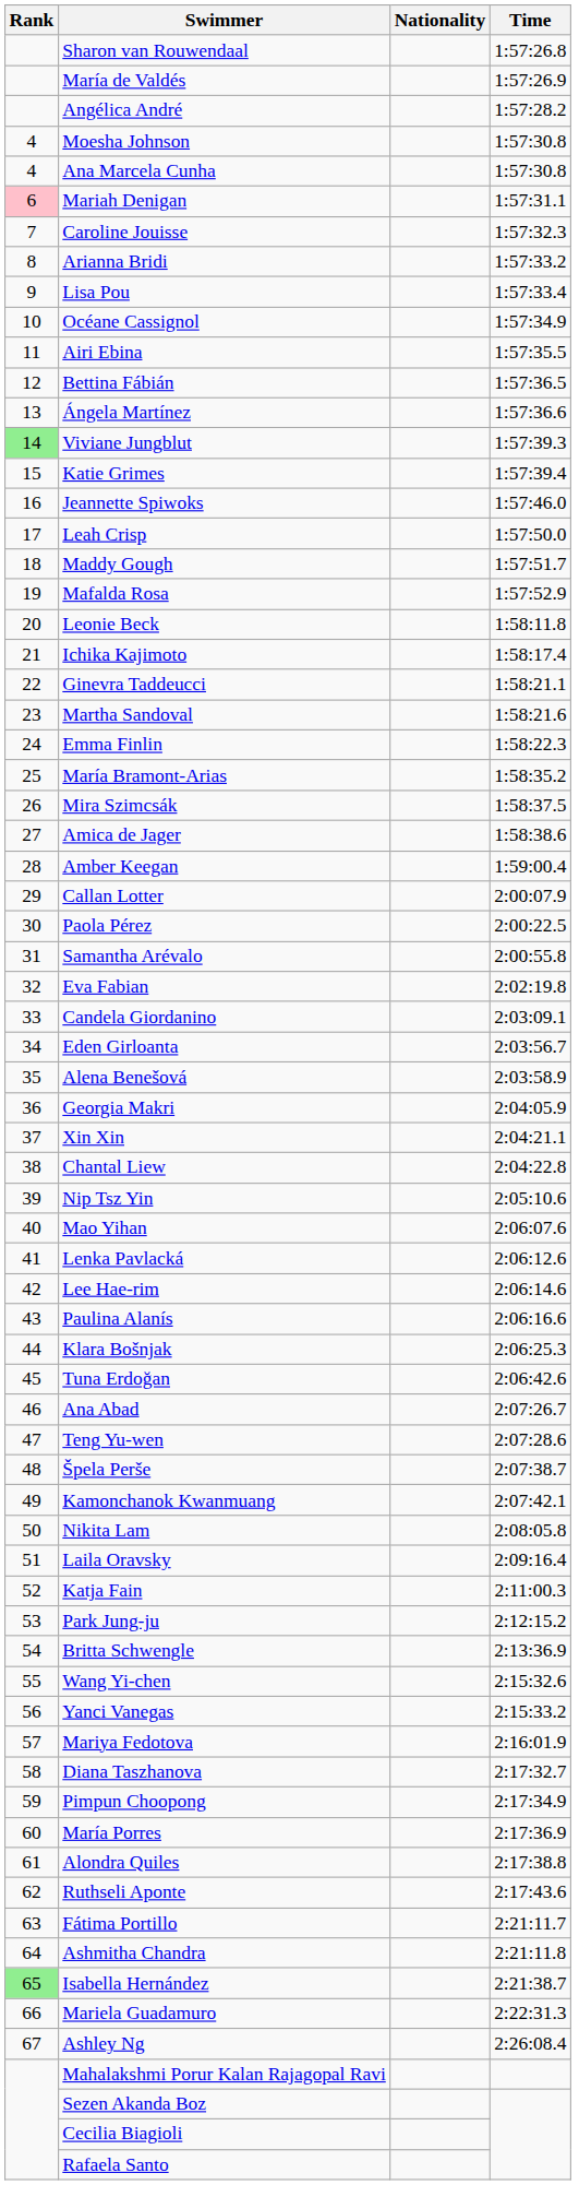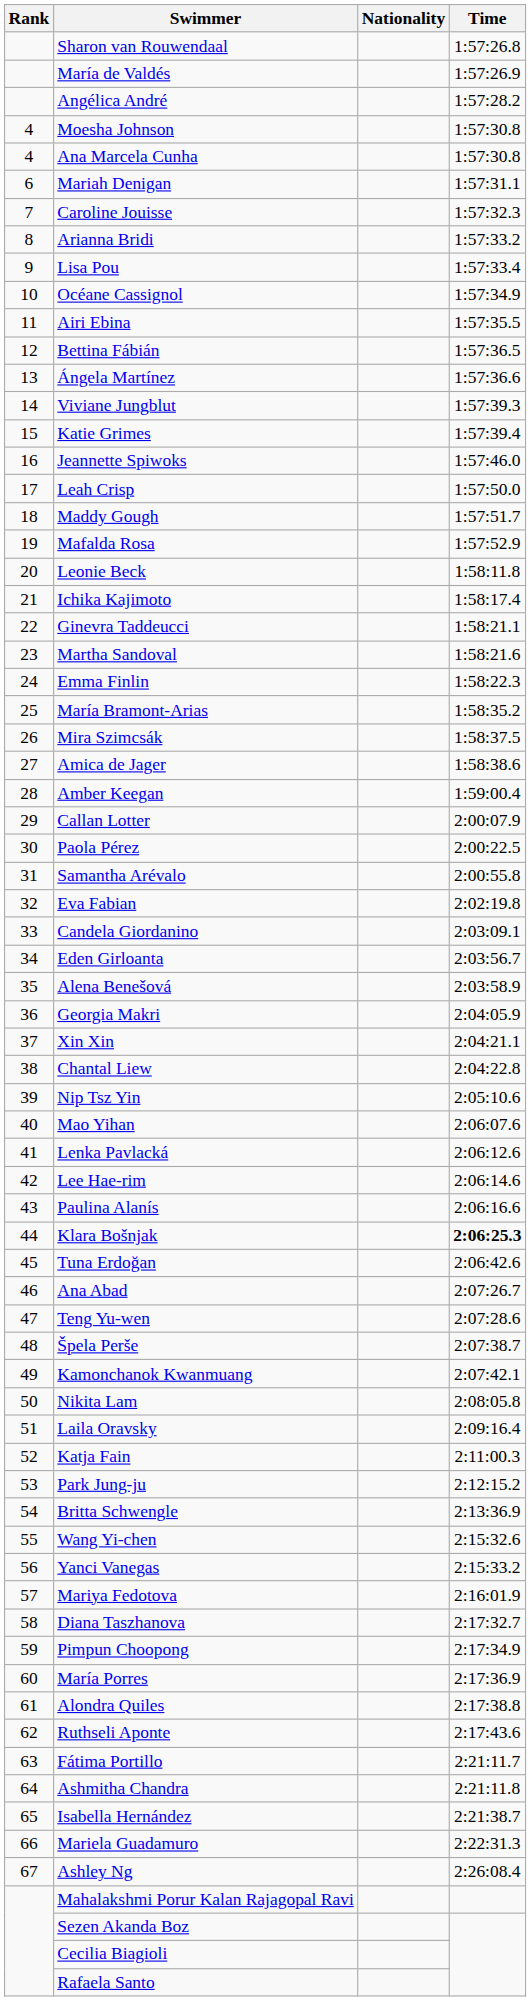 <table class="wikitable sortable" style="text-align:center">
 <tr>
 <th>Rank</th>
 <th>Swimmer</th>
 <th>Nationality</th>
 <th>Time</th>
 </tr>
 <tr>
 <td></td>
 <td align=left><a href='#'>Sharon van Rouwendaal</a></td>
 <td align=left></td>
 <td>1:57:26.8</td>
 </tr>
 <tr>
 <td></td>
 <td align=left><a href='#'>María de Valdés</a></td>
 <td align=left></td>
 <td>1:57:26.9</td>
 </tr>
 <tr>
 <td></td>
 <td align=left><a href='#'>Angélica André</a></td>
 <td align=left></td>
 <td>1:57:28.2</td>
 </tr>
 <tr>
 <td>4</td>
 <td align=left><a href='#'>Moesha Johnson</a></td>
 <td align=left></td>
 <td>1:57:30.8</td>
 </tr>
 <tr>
 <td>4</td>
 <td align=left><a href='#'>Ana Marcela Cunha</a></td>
 <td align=left></td>
 <td>1:57:30.8</td>
 </tr>
 <tr>
-<td style="background: pink;">6</td>
+<td>6</td>
 <td align=left><a href='#'>Mariah Denigan</a></td>
 <td align=left></td>
 <td>1:57:31.1</td>
 </tr>
 <tr>
 <td>7</td>
 <td align=left><a href='#'>Caroline Jouisse</a></td>
 <td align=left></td>
 <td>1:57:32.3</td>
 </tr>
 <tr>
 <td>8</td>
 <td align=left><a href='#'>Arianna Bridi</a></td>
 <td align=left></td>
 <td>1:57:33.2</td>
 </tr>
 <tr>
 <td>9</td>
 <td align=left><a href='#'>Lisa Pou</a></td>
 <td align=left></td>
 <td>1:57:33.4</td>
 </tr>
 <tr>
 <td>10</td>
 <td align=left><a href='#'>Océane Cassignol</a></td>
 <td align=left></td>
 <td>1:57:34.9</td>
 </tr>
 <tr>
 <td>11</td>
 <td align=left><a href='#'>Airi Ebina</a></td>
 <td align=left></td>
 <td>1:57:35.5</td>
 </tr>
 <tr>
 <td>12</td>
 <td align=left><a href='#'>Bettina Fábián</a></td>
 <td align=left></td>
 <td>1:57:36.5</td>
 </tr>
 <tr>
 <td>13</td>
 <td align=left><a href='#'>Ángela Martínez</a></td>
 <td align=left></td>
 <td>1:57:36.6</td>
 </tr>
 <tr>
-<td style="background: lightgreen;">14</td>
+<td>14</td>
 <td align=left><a href='#'>Viviane Jungblut</a></td>
 <td align=left></td>
 <td>1:57:39.3</td>
 </tr>
 <tr>
 <td>15</td>
 <td align=left><a href='#'>Katie Grimes</a></td>
 <td align=left></td>
 <td>1:57:39.4</td>
 </tr>
 <tr>
 <td>16</td>
 <td align=left><a href='#'>Jeannette Spiwoks</a></td>
 <td align=left></td>
 <td>1:57:46.0</td>
 </tr>
 <tr>
 <td>17</td>
 <td align=left><a href='#'>Leah Crisp</a></td>
 <td align=left></td>
 <td>1:57:50.0</td>
 </tr>
 <tr>
 <td>18</td>
 <td align=left><a href='#'>Maddy Gough</a></td>
 <td align=left></td>
 <td>1:57:51.7</td>
 </tr>
 <tr>
 <td>19</td>
 <td align=left><a href='#'>Mafalda Rosa</a></td>
 <td align=left></td>
 <td>1:57:52.9</td>
 </tr>
 <tr>
 <td>20</td>
 <td align=left><a href='#'>Leonie Beck</a></td>
 <td align=left></td>
 <td>1:58:11.8</td>
 </tr>
 <tr>
 <td>21</td>
 <td align=left><a href='#'>Ichika Kajimoto</a></td>
 <td align=left></td>
 <td>1:58:17.4</td>
 </tr>
 <tr>
 <td>22</td>
 <td align=left><a href='#'>Ginevra Taddeucci</a></td>
 <td align=left></td>
 <td>1:58:21.1</td>
 </tr>
 <tr>
 <td>23</td>
 <td align=left><a href='#'>Martha Sandoval</a></td>
 <td align=left></td>
 <td>1:58:21.6</td>
 </tr>
 <tr>
 <td>24</td>
 <td align=left><a href='#'>Emma Finlin</a></td>
 <td align=left></td>
 <td>1:58:22.3</td>
 </tr>
 <tr>
 <td>25</td>
 <td align=left><a href='#'>María Bramont-Arias</a></td>
 <td align=left></td>
 <td>1:58:35.2</td>
 </tr>
 <tr>
 <td>26</td>
 <td align=left><a href='#'>Mira Szimcsák</a></td>
 <td align=left></td>
 <td>1:58:37.5</td>
 </tr>
 <tr>
 <td>27</td>
 <td align=left><a href='#'>Amica de Jager</a></td>
 <td align=left></td>
 <td>1:58:38.6</td>
 </tr>
 <tr>
 <td>28</td>
 <td align=left><a href='#'>Amber Keegan</a></td>
 <td align=left></td>
 <td>1:59:00.4</td>
 </tr>
 <tr>
 <td>29</td>
 <td align=left><a href='#'>Callan Lotter</a></td>
 <td align=left></td>
 <td>2:00:07.9</td>
 </tr>
 <tr>
 <td>30</td>
 <td align=left><a href='#'>Paola Pérez</a></td>
 <td align=left></td>
 <td>2:00:22.5</td>
 </tr>
 <tr>
 <td>31</td>
 <td align=left><a href='#'>Samantha Arévalo</a></td>
 <td align=left></td>
 <td>2:00:55.8</td>
 </tr>
 <tr>
 <td>32</td>
 <td align=left><a href='#'>Eva Fabian</a></td>
 <td align=left></td>
 <td>2:02:19.8</td>
 </tr>
 <tr>
 <td>33</td>
 <td align=left><a href='#'>Candela Giordanino</a></td>
 <td align=left></td>
 <td>2:03:09.1</td>
 </tr>
 <tr>
 <td>34</td>
 <td align=left><a href='#'>Eden Girloanta</a></td>
 <td align=left></td>
 <td>2:03:56.7</td>
 </tr>
 <tr>
 <td>35</td>
 <td align=left><a href='#'>Alena Benešová</a></td>
 <td align=left></td>
 <td>2:03:58.9</td>
 </tr>
 <tr>
 <td>36</td>
 <td align=left><a href='#'>Georgia Makri</a></td>
 <td align=left></td>
 <td>2:04:05.9</td>
 </tr>
 <tr>
 <td>37</td>
 <td align=left><a href='#'>Xin Xin</a></td>
 <td align=left></td>
 <td>2:04:21.1</td>
 </tr>
 <tr>
 <td>38</td>
 <td align=left><a href='#'>Chantal Liew</a></td>
 <td align=left></td>
 <td>2:04:22.8</td>
 </tr>
 <tr>
 <td>39</td>
 <td align=left><a href='#'>Nip Tsz Yin</a></td>
 <td align=left></td>
 <td>2:05:10.6</td>
 </tr>
 <tr>
 <td>40</td>
 <td align=left><a href='#'>Mao Yihan</a></td>
 <td align=left></td>
 <td>2:06:07.6</td>
 </tr>
 <tr>
 <td>41</td>
 <td align=left><a href='#'>Lenka Pavlacká</a></td>
 <td align=left></td>
 <td>2:06:12.6</td>
 </tr>
 <tr>
 <td>42</td>
 <td align=left><a href='#'>Lee Hae-rim</a></td>
 <td align=left></td>
 <td>2:06:14.6</td>
 </tr>
 <tr>
 <td>43</td>
 <td align=left><a href='#'>Paulina Alanís</a></td>
 <td align=left></td>
 <td>2:06:16.6</td>
 </tr>
 <tr>
 <td>44</td>
 <td align=left><a href='#'>Klara Bošnjak</a></td>
 <td align=left></td>
-<td>2:06:25.3</td>
+<td><strong>2:06:25.3</strong></td>
 </tr>
 <tr>
 <td>45</td>
 <td align=left><a href='#'>Tuna Erdoğan</a></td>
 <td align=left></td>
 <td>2:06:42.6</td>
 </tr>
 <tr>
 <td>46</td>
 <td align=left><a href='#'>Ana Abad</a></td>
 <td align=left></td>
 <td>2:07:26.7</td>
 </tr>
 <tr>
 <td>47</td>
 <td align=left><a href='#'>Teng Yu-wen</a></td>
 <td align=left></td>
 <td>2:07:28.6</td>
 </tr>
 <tr>
 <td>48</td>
 <td align=left><a href='#'>Špela Perše</a></td>
 <td align=left></td>
 <td>2:07:38.7</td>
 </tr>
 <tr>
 <td>49</td>
 <td align=left><a href='#'>Kamonchanok Kwanmuang</a></td>
 <td align=left></td>
 <td>2:07:42.1</td>
 </tr>
 <tr>
 <td>50</td>
 <td align=left><a href='#'>Nikita Lam</a></td>
 <td align=left></td>
 <td>2:08:05.8</td>
 </tr>
 <tr>
 <td>51</td>
 <td align=left><a href='#'>Laila Oravsky</a></td>
 <td align=left></td>
 <td>2:09:16.4</td>
 </tr>
 <tr>
 <td>52</td>
 <td align=left><a href='#'>Katja Fain</a></td>
 <td align=left></td>
 <td>2:11:00.3</td>
 </tr>
 <tr>
 <td>53</td>
 <td align=left><a href='#'>Park Jung-ju</a></td>
 <td align=left></td>
 <td>2:12:15.2</td>
 </tr>
 <tr>
 <td>54</td>
 <td align=left><a href='#'>Britta Schwengle</a></td>
 <td align=left></td>
 <td>2:13:36.9</td>
 </tr>
 <tr>
 <td>55</td>
 <td align=left><a href='#'>Wang Yi-chen</a></td>
 <td align=left></td>
 <td>2:15:32.6</td>
 </tr>
 <tr>
 <td>56</td>
 <td align=left><a href='#'>Yanci Vanegas</a></td>
 <td align=left></td>
 <td>2:15:33.2</td>
 </tr>
 <tr>
 <td>57</td>
 <td align=left><a href='#'>Mariya Fedotova</a></td>
 <td align=left></td>
 <td>2:16:01.9</td>
 </tr>
 <tr>
 <td>58</td>
 <td align=left><a href='#'>Diana Taszhanova</a></td>
 <td align=left></td>
 <td>2:17:32.7</td>
 </tr>
 <tr>
 <td>59</td>
 <td align=left><a href='#'>Pimpun Choopong</a></td>
 <td align=left></td>
 <td>2:17:34.9</td>
 </tr>
 <tr>
 <td>60</td>
 <td align=left><a href='#'>María Porres</a></td>
 <td align=left></td>
 <td>2:17:36.9</td>
 </tr>
 <tr>
 <td>61</td>
 <td align=left><a href='#'>Alondra Quiles</a></td>
 <td align=left></td>
 <td>2:17:38.8</td>
 </tr>
 <tr>
 <td>62</td>
 <td align=left><a href='#'>Ruthseli Aponte</a></td>
 <td align=left></td>
 <td>2:17:43.6</td>
 </tr>
 <tr>
 <td>63</td>
 <td align=left><a href='#'>Fátima Portillo</a></td>
 <td align=left></td>
 <td>2:21:11.7</td>
 </tr>
 <tr>
 <td>64</td>
 <td align=left><a href='#'>Ashmitha Chandra</a></td>
 <td align=left></td>
 <td>2:21:11.8</td>
 </tr>
 <tr>
-<td style="background: lightgreen;">65</td>
+<td>65</td>
 <td align=left><a href='#'>Isabella Hernández</a></td>
 <td align=left></td>
 <td>2:21:38.7</td>
 </tr>
 <tr>
 <td>66</td>
 <td align=left><a href='#'>Mariela Guadamuro</a></td>
 <td align=left></td>
 <td>2:22:31.3</td>
 </tr>
 <tr>
 <td>67</td>
 <td align=left><a href='#'>Ashley Ng</a></td>
 <td align=left></td>
 <td>2:26:08.4</td>
 </tr>
 <tr>
 <td rowspan=4></td>
 <td align=left><a href='#'>Mahalakshmi Porur Kalan Rajagopal Ravi</a></td>
 <td align=left></td>
 <td></td>
 </tr>
 <tr>
 <td align=left><a href='#'>Sezen Akanda Boz</a></td>
 <td align=left></td>
 <td rowspan=3></td>
 </tr>
 <tr>
 <td align=left><a href='#'>Cecilia Biagioli</a></td>
 <td align=left></td>
 </tr>
 <tr>
 <td align=left><a href='#'>Rafaela Santo</a></td>
 <td align=left></td>
 </tr>
 </table>
